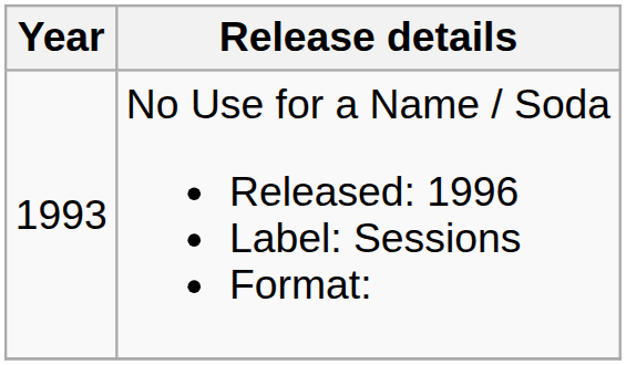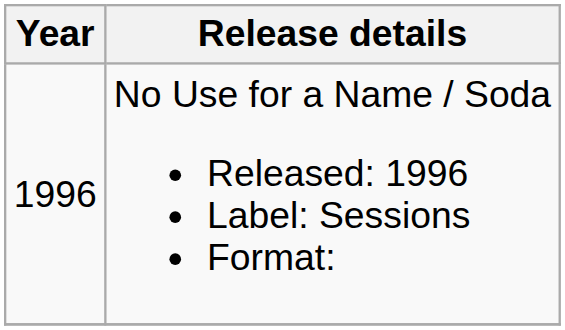 <table class ="wikitable">
 <tr>
 <th>Year</th>
 <th>Release details</th>
 </tr>
 <tr>
-<td>1993</td>
+<td>1996</td>
 <td>No Use for a Name / Soda<br><ul><li>Released: 1996</li><li>Label: Sessions</li><li>Format:</li></ul></td>
 </tr>
 <tr>
 </tr>
 </table>
